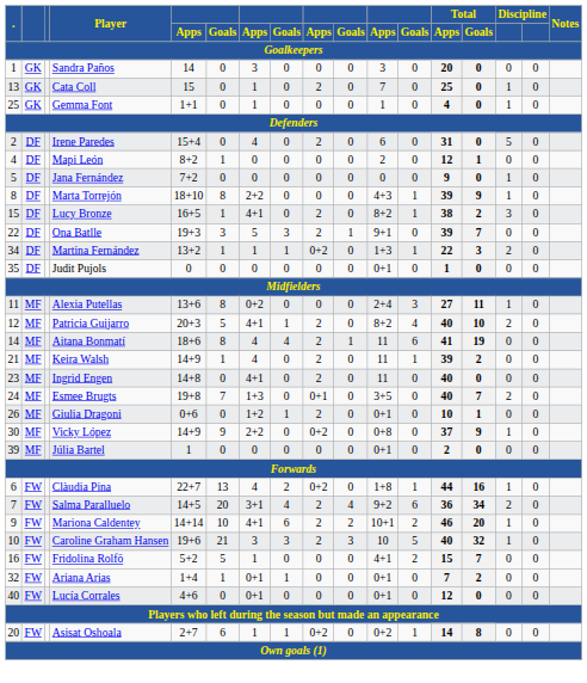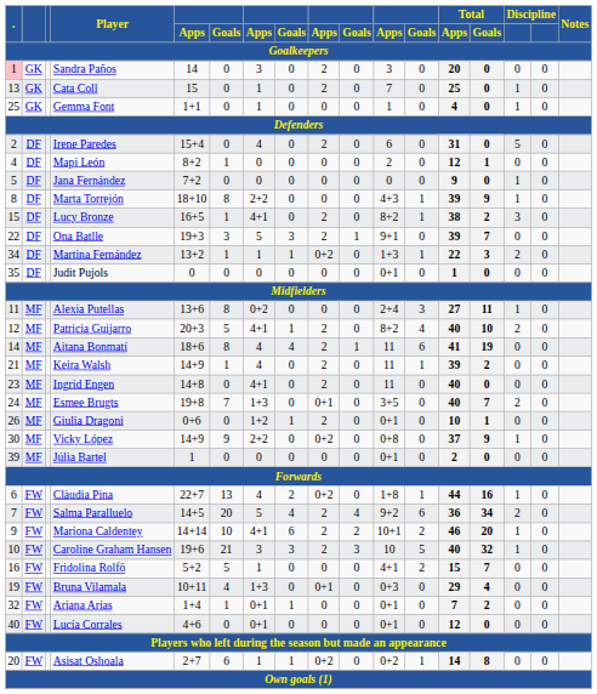 <table class="wikitable sortable alternance" style="text-align:center">
 <tr>
 <th rowspan="2" style="background:#26559B; color:#FFF000; ">.</th>
 <th rowspan="2" style="background:#26559B; color:#FFF000; "></th>
 <th rowspan="2" style="background:#26559B; color:#FFF000; "></th>
 <th rowspan="2" style="background:#26559B; color:#FFF000; ">Player</th>
 <th colspan="2" style="background:#26559B; color:#FFF000; "></th>
 <th colspan="2" style="background:#26559B; color:#FFF000; "></th>
 <th colspan="2" style="background:#26559B; color:#FFF000; "></th>
 <th colspan="2" style="background:#26559B; color:#FFF000; "></th>
 <th colspan="2" style="background:#26559B; color:#FFF000; ">Total</th>
 <th colspan="2" style="background:#26559B; color:#FFF000; ">Discipline</th>
 <th rowspan="2" style="background:#26559B; color:#FFF000; ">Notes</th>
 </tr>
 <tr>
 <th style="background:#26559B; color:#FFF000; ">Apps</th>
 <th style="background:#26559B; color:#FFF000; ">Goals</th>
 <th style="background:#26559B; color:#FFF000; ">Apps</th>
 <th style="background:#26559B; color:#FFF000; ">Goals</th>
 <th style="background:#26559B; color:#FFF000; ">Apps</th>
 <th style="background:#26559B; color:#FFF000; ">Goals</th>
 <th style="background:#26559B; color:#FFF000; ">Apps</th>
 <th style="background:#26559B; color:#FFF000; ">Goals</th>
 <th style="background:#26559B; color:#FFF000; ">Apps</th>
 <th style="background:#26559B; color:#FFF000; ">Goals</th>
 <th style="background:#26559B; color:#FFF000; "></th>
 <th style="background:#26559B; color:#FFF000; "></th>
 </tr>
 <tr>
 <th colspan="17" style="background:#26559B; color:#FFF000; "><em>Goalkeepers</em></th>
 </tr>
 <tr>
-<td>1</td>
+<td style="background: pink;">1</td>
 <td><a href='#'>GK</a></td>
 <td></td>
 <td align="left"><a href='#'>Sandra Paños</a></td>
 <td>14</td>
 <td>0</td>
 <td>3</td>
 <td>0</td>
-<td>0</td>
+<td>2</td>
 <td>0</td>
 <td>3</td>
 <td>0</td>
 <th><strong>20</strong></th>
 <th><strong>0</strong></th>
 <td>0</td>
 <td>0</td>
 <td></td>
 </tr>
 <tr colspan="9" style="background:#eaecee">
 <td>13</td>
 <td><a href='#'>GK</a></td>
 <td></td>
 <td align="left"><a href='#'>Cata Coll</a></td>
 <td>15</td>
 <td>0</td>
 <td>1</td>
 <td>0</td>
 <td>2</td>
 <td>0</td>
 <td>7</td>
 <td>0</td>
 <th><strong>25</strong></th>
 <th><strong>0</strong></th>
 <td>1</td>
 <td>0</td>
 <td></td>
 </tr>
 <tr>
 <td>25</td>
 <td><a href='#'>GK</a></td>
 <td></td>
 <td align="left"><a href='#'>Gemma Font</a></td>
 <td>1+1</td>
 <td>0</td>
 <td>1</td>
 <td>0</td>
 <td>0</td>
 <td>0</td>
 <td>1</td>
 <td>0</td>
 <th><strong>4</strong></th>
 <th><strong>0</strong></th>
 <td>1</td>
 <td>0</td>
 <td></td>
 </tr>
 <tr>
 <th colspan="17" style="background:#26559B; color:#FFF000; "><em>Defenders</em></th>
 </tr>
 <tr colspan="9" style="background:#eaecee">
 <td>2</td>
 <td><a href='#'>DF</a></td>
 <td></td>
 <td align="left"><a href='#'>Irene Paredes</a></td>
 <td>15+4</td>
 <td>0</td>
 <td>4</td>
 <td>0</td>
 <td>2</td>
 <td>0</td>
 <td>6</td>
 <td>0</td>
 <th><strong>31</strong></th>
 <th><strong>0</strong></th>
 <td>5</td>
 <td>0</td>
 <td></td>
 </tr>
 <tr>
 <td>4</td>
 <td><a href='#'>DF</a></td>
 <td></td>
 <td align="left"><a href='#'>Mapi León</a></td>
 <td>8+2</td>
 <td>1</td>
 <td>0</td>
 <td>0</td>
 <td>0</td>
 <td>0</td>
 <td>2</td>
 <td>0</td>
 <th><strong>12</strong></th>
 <th><strong>1</strong></th>
 <td>0</td>
 <td>0</td>
 <td></td>
 </tr>
 <tr colspan="9" style="background:#eaecee">
 <td>5</td>
 <td><a href='#'>DF</a></td>
 <td></td>
 <td align="left"><a href='#'>Jana Fernández</a></td>
 <td>7+2</td>
 <td>0</td>
 <td>0</td>
 <td>0</td>
 <td>0</td>
 <td>0</td>
 <td>0</td>
 <td>0</td>
 <th><strong>9</strong></th>
 <th><strong>0</strong></th>
 <td>1</td>
 <td>0</td>
 <td></td>
 </tr>
 <tr>
 <td>8</td>
 <td><a href='#'>DF</a></td>
 <td></td>
 <td align="left"><a href='#'>Marta Torrejón</a></td>
 <td>18+10</td>
 <td>8</td>
 <td>2+2</td>
 <td>0</td>
 <td>0</td>
 <td>0</td>
 <td>4+3</td>
 <td>1</td>
 <th><strong>39</strong></th>
 <th><strong>9</strong></th>
 <td>1</td>
 <td>0</td>
 <td></td>
 </tr>
 <tr colspan="9" style="background:#eaecee">
 <td>15</td>
 <td><a href='#'>DF</a></td>
 <td></td>
 <td align="left"><a href='#'>Lucy Bronze</a></td>
 <td>16+5</td>
 <td>1</td>
 <td>4+1</td>
 <td>0</td>
 <td>2</td>
 <td>0</td>
 <td>8+2</td>
 <td>1</td>
 <th><strong>38</strong></th>
 <th><strong>2</strong></th>
 <td>3</td>
 <td>0</td>
 <td></td>
 </tr>
 <tr>
 <td>22</td>
 <td><a href='#'>DF</a></td>
 <td></td>
 <td align="left"><a href='#'>Ona Batlle</a></td>
 <td>19+3</td>
 <td>3</td>
 <td>5</td>
 <td>3</td>
 <td>2</td>
 <td>1</td>
 <td>9+1</td>
 <td>0</td>
 <th><strong>39</strong></th>
 <th><strong>7</strong></th>
 <td>0</td>
 <td>0</td>
 <td></td>
 </tr>
 <tr colspan="9" style="background:#eaecee">
 <td>34</td>
 <td><a href='#'>DF</a></td>
 <td></td>
 <td align="left"><a href='#'>Martina Fernández</a></td>
 <td>13+2</td>
 <td>1</td>
 <td>1</td>
 <td>1</td>
 <td>0+2</td>
 <td>0</td>
 <td>1+3</td>
 <td>1</td>
 <th><strong>22</strong></th>
 <th><strong>3</strong></th>
 <td>2</td>
 <td>0</td>
 <td></td>
 </tr>
 <tr>
 <td>35</td>
 <td><a href='#'>DF</a></td>
 <td></td>
 <td align="left">Judit Pujols</td>
 <td>0</td>
 <td>0</td>
 <td>0</td>
 <td>0</td>
 <td>0</td>
 <td>0</td>
 <td>0+1</td>
 <td>0</td>
 <th><strong>1</strong></th>
 <th><strong>0</strong></th>
 <td>0</td>
 <td>0</td>
 <td></td>
 </tr>
 <tr>
 <th colspan="17" style="background:#26559B; color:#FFF000; "><em>Midfielders</em></th>
 </tr>
 <tr colspan="9" style="background:#eaecee">
 <td>11</td>
 <td><a href='#'>MF</a></td>
 <td></td>
 <td align="left"><a href='#'>Alexia Putellas</a></td>
 <td>13+6</td>
 <td>8</td>
 <td>0+2</td>
 <td>0</td>
 <td>0</td>
 <td>0</td>
 <td>2+4</td>
 <td>3</td>
 <th><strong>27</strong></th>
 <th><strong>11</strong></th>
 <td>1</td>
 <td>0</td>
 <td></td>
 </tr>
 <tr>
 <td>12</td>
 <td><a href='#'>MF</a></td>
 <td></td>
 <td align="left"><a href='#'>Patricia Guijarro</a></td>
 <td>20+3</td>
 <td>5</td>
 <td>4+1</td>
 <td>1</td>
 <td>2</td>
 <td>0</td>
 <td>8+2</td>
 <td>4</td>
 <th><strong>40</strong></th>
 <th><strong>10</strong></th>
 <td>2</td>
 <td>0</td>
 <td></td>
 </tr>
 <tr colspan="9" style="background:#eaecee">
 <td>14</td>
 <td><a href='#'>MF</a></td>
 <td></td>
 <td align="left"><a href='#'>Aitana Bonmatí</a></td>
 <td>18+6</td>
 <td>8</td>
 <td>4</td>
 <td>4</td>
 <td>2</td>
 <td>1</td>
 <td>11</td>
 <td>6</td>
 <th><strong>41</strong></th>
 <th><strong>19</strong></th>
 <td>0</td>
 <td>0</td>
 <td></td>
 </tr>
 <tr>
 <td>21</td>
 <td><a href='#'>MF</a></td>
 <td></td>
 <td align="left"><a href='#'>Keira Walsh</a></td>
 <td>14+9</td>
 <td>1</td>
 <td>4</td>
 <td>0</td>
 <td>2</td>
 <td>0</td>
 <td>11</td>
 <td>1</td>
 <th><strong>39</strong></th>
 <th><strong>2</strong></th>
 <td>0</td>
 <td>0</td>
 <td></td>
 </tr>
 <tr colspan="9" style="background:#eaecee">
 <td>23</td>
 <td><a href='#'>MF</a></td>
 <td></td>
 <td align="left"><a href='#'>Ingrid Engen</a></td>
 <td>14+8</td>
 <td>0</td>
 <td>4+1</td>
 <td>0</td>
 <td>2</td>
 <td>0</td>
 <td>11</td>
 <td>0</td>
 <th><strong>40</strong></th>
 <th><strong>0</strong></th>
 <td>0</td>
 <td>0</td>
 <td></td>
 </tr>
 <tr>
 <td>24</td>
 <td><a href='#'>MF</a></td>
 <td></td>
 <td align="left"><a href='#'>Esmee Brugts</a></td>
 <td>19+8</td>
 <td>7</td>
 <td>1+3</td>
 <td>0</td>
 <td>0+1</td>
 <td>0</td>
 <td>3+5</td>
 <td>0</td>
 <th><strong>40</strong></th>
 <th><strong>7</strong></th>
 <td>2</td>
 <td>0</td>
 <td></td>
 </tr>
 <tr colspan="9" style="background:#eaecee">
 <td>26</td>
 <td><a href='#'>MF</a></td>
 <td></td>
 <td align="left"><a href='#'>Giulia Dragoni</a></td>
 <td>0+6</td>
 <td>0</td>
 <td>1+2</td>
 <td>1</td>
 <td>2</td>
 <td>0</td>
 <td>0+1</td>
 <td>0</td>
 <th><strong>10</strong></th>
 <th><strong>1</strong></th>
 <td>0</td>
 <td>0</td>
 <td></td>
 </tr>
 <tr>
 <td>30</td>
 <td><a href='#'>MF</a></td>
 <td></td>
 <td align="left"><a href='#'>Vicky López</a></td>
 <td>14+9</td>
 <td>9</td>
 <td>2+2</td>
 <td>0</td>
 <td>0+2</td>
 <td>0</td>
 <td>0+8</td>
 <td>0</td>
 <th><strong>37</strong></th>
 <th><strong>9</strong></th>
 <td>1</td>
 <td>0</td>
 <td></td>
 </tr>
 <tr colspan="9" style="background:#eaecee">
 <td>39</td>
 <td><a href='#'>MF</a></td>
 <td></td>
 <td align="left"><a href='#'>Júlia Bartel</a></td>
 <td>1</td>
 <td>0</td>
 <td>0</td>
 <td>0</td>
 <td>0</td>
 <td>0</td>
 <td>0+1</td>
 <td>0</td>
 <th><strong>2</strong></th>
 <th><strong>0</strong></th>
 <td>0</td>
 <td>0</td>
 <td></td>
 </tr>
 <tr>
 <th colspan="17" style="background:#26559B; color:#FFF000; "><em>Forwards</em></th>
 </tr>
 <tr>
 <td>6</td>
 <td><a href='#'>FW</a></td>
 <td></td>
 <td align="left"><a href='#'>Clàudia Pina</a></td>
 <td>22+7</td>
 <td>13</td>
 <td>4</td>
 <td>2</td>
 <td>0+2</td>
 <td>0</td>
 <td>1+8</td>
 <td>1</td>
 <th><strong>44</strong></th>
 <th><strong>16</strong></th>
 <td>1</td>
 <td>0</td>
 <td></td>
 </tr>
 <tr colspan="9" style="background:#eaecee">
 <td>7</td>
 <td><a href='#'>FW</a></td>
 <td></td>
 <td align="left"><a href='#'>Salma Paralluelo</a></td>
 <td>14+5</td>
 <td>20</td>
-<td>3+1</td>
+<td>5</td>
 <td>4</td>
 <td>2</td>
 <td>4</td>
 <td>9+2</td>
 <td>6</td>
 <th><strong>36</strong></th>
 <th><strong>34</strong></th>
 <td>2</td>
 <td>0</td>
 <td></td>
 </tr>
 <tr>
 <td>9</td>
 <td><a href='#'>FW</a></td>
 <td></td>
 <td align="left"><a href='#'>Mariona Caldentey</a></td>
 <td>14+14</td>
 <td>10</td>
 <td>4+1</td>
 <td>6</td>
 <td>2</td>
 <td>2</td>
 <td>10+1</td>
 <td>2</td>
 <th><strong>46</strong></th>
 <th><strong>20</strong></th>
 <td>1</td>
 <td>0</td>
 <td></td>
 </tr>
 <tr colspan="9" style="background:#eaecee">
 <td>10</td>
 <td><a href='#'>FW</a></td>
 <td></td>
 <td align="left"><a href='#'>Caroline Graham Hansen</a></td>
 <td>19+6</td>
 <td>21</td>
 <td>3</td>
 <td>3</td>
 <td>2</td>
 <td>3</td>
 <td>10</td>
 <td>5</td>
 <th><strong>40</strong></th>
 <th><strong>32</strong></th>
 <td>1</td>
 <td>0</td>
 <td></td>
 </tr>
 <tr>
 <td>16</td>
 <td><a href='#'>FW</a></td>
 <td></td>
 <td align="left"><a href='#'>Fridolina Rolfö</a></td>
 <td>5+2</td>
 <td>5</td>
 <td>1</td>
 <td>0</td>
 <td>0</td>
 <td>0</td>
 <td>4+1</td>
 <td>2</td>
 <th><strong>15</strong></th>
 <th><strong>7</strong></th>
 <td>0</td>
 <td>0</td>
 <td></td>
 </tr>
+<tr colspan="9" style="background:#eaecee">
+<td>19</td>
+<td><a href='#'>FW</a></td>
+<td></td>
+<td align="left"><a href='#'>Bruna Vilamala</a></td>
+<td>10+11</td>
+<td>4</td>
+<td>1+3</td>
+<td>0</td>
+<td>0+1</td>
+<td>0</td>
+<td>0+3</td>
+<td>0</td>
+<th><strong>29</strong></th>
+<th><strong>4</strong></th>
+<td>0</td>
+<td>0</td>
+<td></td>
+</tr>
 <tr>
 <td>32</td>
 <td><a href='#'>FW</a></td>
 <td></td>
 <td align="left"><a href='#'>Ariana Arias</a></td>
 <td>1+4</td>
 <td>1</td>
 <td>0+1</td>
 <td>1</td>
 <td>0</td>
 <td>0</td>
 <td>0+1</td>
 <td>0</td>
 <th><strong>7</strong></th>
 <th><strong>2</strong></th>
 <td>0</td>
 <td>0</td>
 <td></td>
 </tr>
 <tr colspan="9" style="background:#eaecee">
 <td>40</td>
 <td><a href='#'>FW</a></td>
 <td></td>
 <td align="left"><a href='#'>Lucía Corrales</a></td>
 <td>4+6</td>
 <td>0</td>
 <td>0+1</td>
 <td>0</td>
 <td>0</td>
 <td>0</td>
 <td>0+1</td>
 <td>0</td>
 <th><strong>12</strong></th>
 <th><strong>0</strong></th>
 <td>0</td>
 <td>0</td>
 <td></td>
 </tr>
 <tr>
 <th colspan=17 style="background:#26559B; color:#FFF000; ">Players who left during the season but made an appearance</th>
 </tr>
 <tr>
 <td>20</td>
 <td><a href='#'>FW</a></td>
 <td></td>
 <td align="left"><a href='#'>Asisat Oshoala</a></td>
 <td>2+7</td>
 <td>6</td>
 <td>1</td>
 <td>1</td>
 <td>0+2</td>
 <td>0</td>
 <td>0+2</td>
 <td>1</td>
 <th><strong>14</strong></th>
 <th><strong>8</strong></th>
 <td>0</td>
 <td>0</td>
 <td></td>
 </tr>
 <tr>
 <th colspan=17 style="background:#26559B; color:#FFF000; "><em>Own goals (1)</em></th>
 </tr>
 </table>
